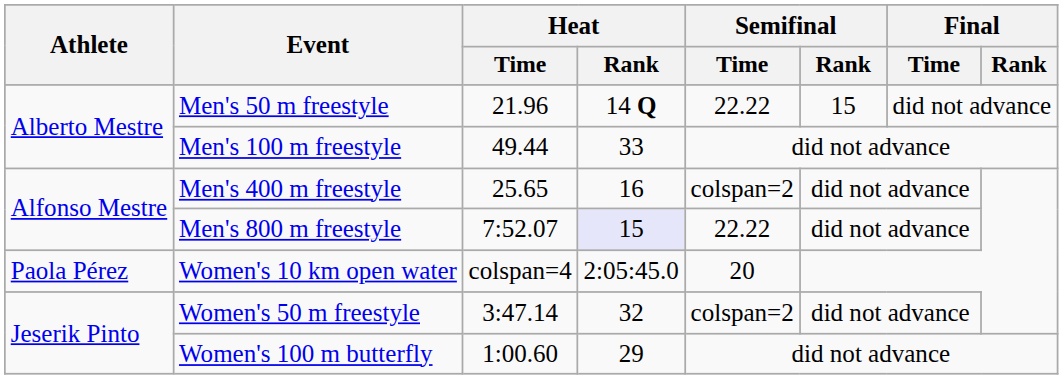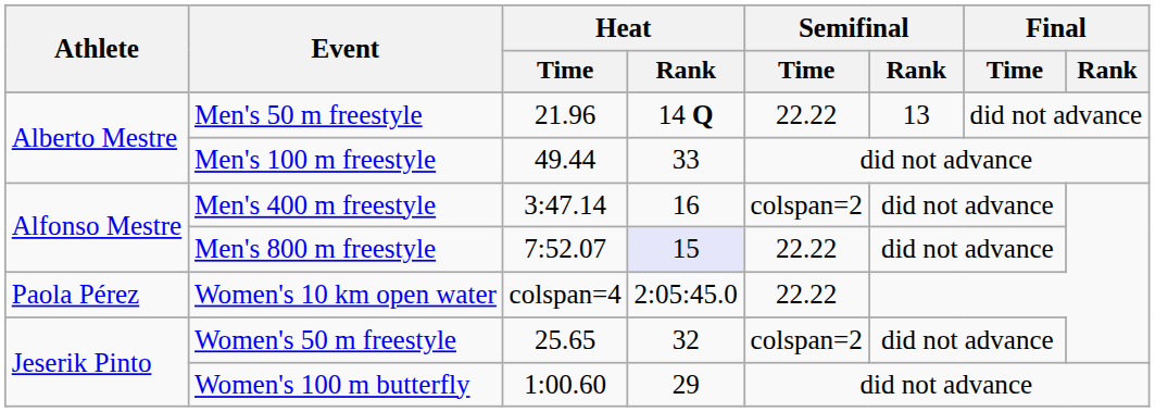 <table class=wikitable style="font-size:90%">
 <tr>
 <th rowspan="2">Athlete</th>
 <th rowspan="2">Event</th>
 <th colspan="2">Heat</th>
 <th colspan="2">Semifinal</th>
 <th colspan="2">Final</th>
 </tr>
 <tr style="font-size:95%">
 <th>Time</th>
 <th>Rank</th>
 <th>Time</th>
 <th>Rank</th>
 <th>Time</th>
 <th>Rank</th>
 </tr>
 <tr align=center>
 <td align=left rowspan=2><a href='#'>Alberto Mestre</a></td>
 <td align=left><a href='#'>Men's 50 m freestyle</a></td>
 <td>21.96</td>
 <td>14 <strong>Q</strong></td>
 <td>22.22</td>
-<td>15</td>
+<td>13</td>
 <td colspan=2>did not advance</td>
 </tr>
 <tr align=center>
 <td align=left><a href='#'>Men's 100 m freestyle</a></td>
 <td>49.44</td>
 <td>33</td>
 <td colspan="4">did not advance</td>
 </tr>
 <tr align=center>
 <td align=left rowspan=2><a href='#'>Alfonso Mestre</a></td>
 <td align=left><a href='#'>Men's 400 m freestyle</a></td>
-<td>25.65</td>
+<td>3:47.14</td>
 <td>16</td>
 <td>colspan=2 </td>
 <td colspan=2>did not advance</td>
 </tr>
 <tr align=center>
 <td align=left><a href='#'>Men's 800 m freestyle</a></td>
 <td>7:52.07</td>
 <td style="background: lavender;">15</td>
 <td>22.22</td>
 <td colspan="2">did not advance</td>
 </tr>
 <tr align=center>
 <td align=left><a href='#'>Paola Pérez</a></td>
 <td align=left><a href='#'>Women's 10 km open water</a></td>
 <td>colspan=4 </td>
 <td>2:05:45.0</td>
-<td>20</td>
+<td>22.22</td>
 </tr>
 <tr align=center>
 <td align=left rowspan=2><a href='#'>Jeserik Pinto</a></td>
 <td align=left><a href='#'>Women's 50 m freestyle</a></td>
-<td>3:47.14</td>
+<td>25.65</td>
 <td>32</td>
 <td>colspan=2 </td>
 <td colspan=2>did not advance</td>
 </tr>
 <tr align=center>
 <td align=left><a href='#'>Women's 100 m butterfly</a></td>
 <td>1:00.60</td>
 <td>29</td>
 <td colspan=4>did not advance</td>
 </tr>
 </table>
